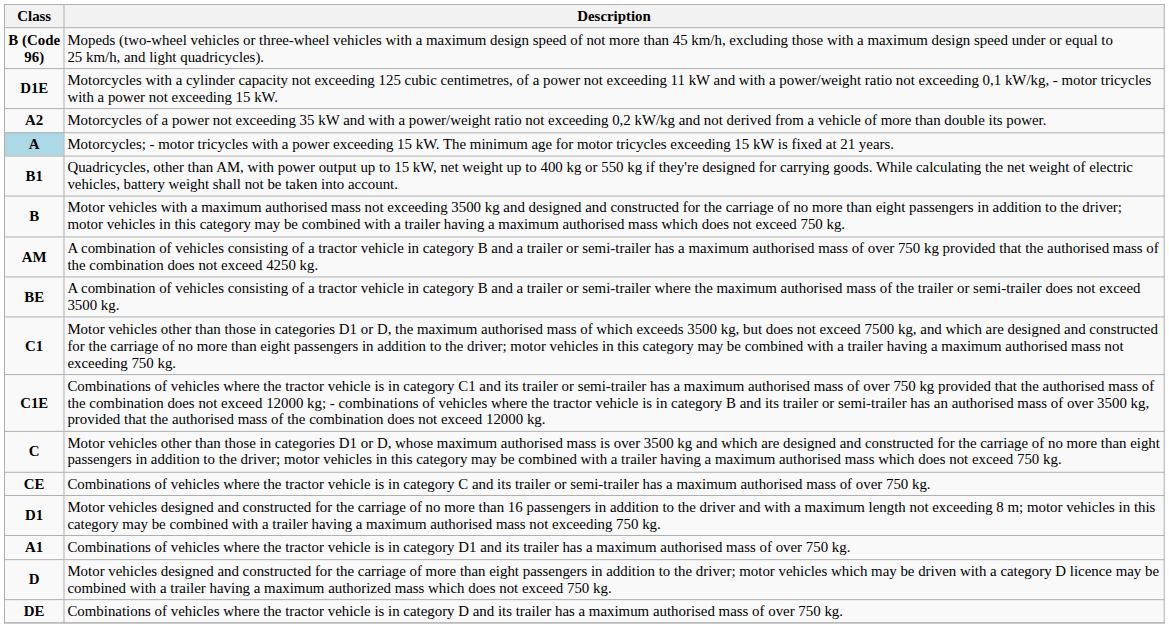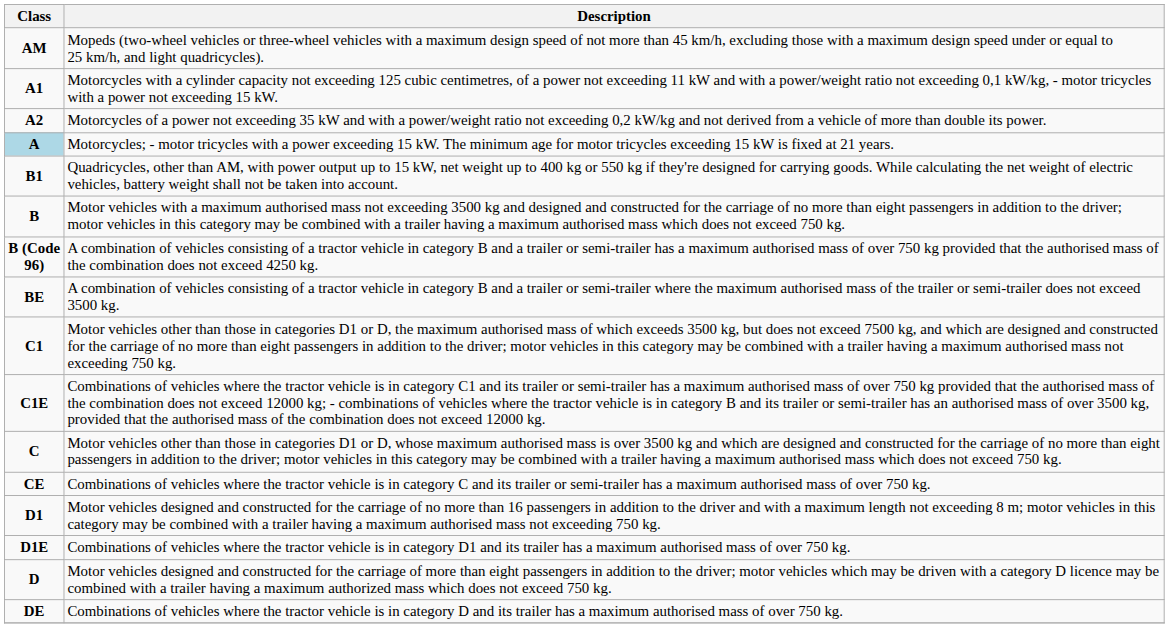 <table class="wikitable sortable">
 <tr>
 <th>Class</th>
 <th>Description</th>
 </tr>
 <tr>
-<td align="center"><strong>B (Code 96)</strong><br></td>
+<td align="center"><strong>AM</strong><br></td>
 <td>Mopeds (two-wheel vehicles or three-wheel vehicles with a maximum design speed of not more than 45 km/h, excluding those with a maximum design speed under or equal to 25 km/h, and light quadricycles).</td>
 </tr>
 <tr>
-<td align="center"><strong>D1E</strong><br></td>
+<td align="center"><strong>A1</strong><br></td>
 <td>Motorcycles with a cylinder capacity not exceeding 125 cubic centimetres, of a power not exceeding 11 kW and with a power/weight ratio not exceeding 0,1 kW/kg, - motor tricycles with a power not exceeding 15 kW.</td>
 </tr>
 <tr>
 <td align="center"><strong>A2</strong><br></td>
 <td>Motorcycles of a power not exceeding 35 kW and with a power/weight ratio not exceeding 0,2 kW/kg and not derived from a vehicle of more than double its power.</td>
 </tr>
 <tr>
 <td align="center" style="background: lightblue;"><strong>A</strong><br></td>
 <td>Motorcycles; - motor tricycles with a power exceeding 15 kW.  The minimum age for motor tricycles exceeding 15 kW is fixed at 21 years.</td>
 </tr>
 <tr>
 <td align="center"><strong>B1</strong><br></td>
 <td>Quadricycles, other than AM, with power output up to 15 kW, net weight up to 400 kg or 550 kg if they're designed for carrying goods.  While calculating the net weight of electric vehicles, battery weight shall not be taken into account.</td>
 </tr>
 <tr>
 <td align="center"><strong>B</strong><br></td>
 <td>Motor vehicles with a maximum authorised mass not exceeding 3500 kg and designed and constructed for the carriage of no more than eight passengers in addition to the driver; motor vehicles in this category may be combined with a trailer having a maximum authorised mass which does not exceed 750 kg.</td>
 </tr>
 <tr>
-<td align="center"><strong>AM</strong><br></td>
+<td align="center"><strong>B (Code 96)</strong><br></td>
 <td>A combination of vehicles consisting of a tractor vehicle in category B and a trailer or semi-trailer has a maximum authorised mass of over 750 kg provided that the authorised mass of the combination does not exceed 4250 kg.</td>
 </tr>
 <tr>
 <td align="center"><strong>BE</strong><br></td>
 <td>A combination of vehicles consisting of a tractor vehicle in category B and a trailer or semi-trailer where the maximum authorised mass of the trailer or semi-trailer does not exceed 3500 kg.</td>
 </tr>
 <tr>
 <td align="center"><strong>C1</strong><br></td>
 <td>Motor vehicles other than those in categories D1 or D, the maximum authorised mass of which exceeds 3500 kg, but does not exceed 7500 kg, and which are designed and constructed for the carriage of no more than eight passengers in addition to the driver; motor vehicles in this category may be combined with a trailer having a maximum authorised mass not exceeding 750 kg.</td>
 </tr>
 <tr>
 <td align="center"><strong>C1E</strong><br></td>
 <td>Combinations of vehicles where the tractor vehicle is in category C1 and its trailer or semi-trailer has a maximum authorised mass of over 750 kg provided that the authorised mass of the combination does not exceed 12000 kg; - combinations of vehicles where the tractor vehicle is in category B and its trailer or semi-trailer has an authorised mass of over 3500 kg, provided that the authorised mass of the combination does not exceed 12000 kg.</td>
 </tr>
 <tr>
 <td align="center"><strong>C</strong><br></td>
 <td>Motor vehicles other than those in categories D1 or D, whose maximum authorised mass is over 3500 kg and which are designed and constructed for the carriage of no more than eight passengers in addition to the driver; motor vehicles in this category may be combined with a trailer having a maximum authorised mass which does not exceed 750 kg.</td>
 </tr>
 <tr>
 <td align="center"><strong>CE</strong><br></td>
 <td>Combinations of vehicles where the tractor vehicle is in category C and its trailer or semi-trailer has a maximum authorised mass of over 750 kg.</td>
 </tr>
 <tr>
 <td align="center"><strong>D1</strong><br></td>
 <td>Motor vehicles designed and constructed for the carriage of no more than 16 passengers in addition to the driver and with a maximum length not exceeding 8 m; motor vehicles in this category may be combined with a trailer having a maximum authorised mass not exceeding 750 kg.</td>
 </tr>
 <tr>
-<td align="center"><strong>A1</strong><br></td>
+<td align="center"><strong>D1E</strong><br></td>
 <td>Combinations of vehicles where the tractor vehicle is in category D1 and its trailer has a maximum authorised mass of over 750 kg.</td>
 </tr>
 <tr>
 <td align="center"><strong>D</strong><br></td>
 <td>Motor vehicles designed and constructed for the carriage of more than eight passengers in addition to the driver; motor vehicles which may be driven with a category D licence may be combined with a trailer having a maximum authorized mass which does not exceed 750 kg.</td>
 </tr>
 <tr>
 <td align="center"><strong>DE</strong><br></td>
 <td>Combinations of vehicles where the tractor vehicle is in category D and its trailer has a maximum authorised mass of over 750 kg.</td>
 </tr>
 <tr>
 </tr>
 </table>
